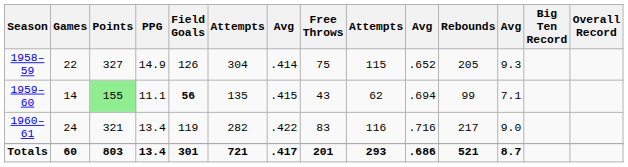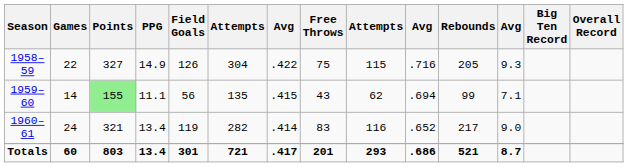 <table class="wikitable sortable" style="text-align:center">
 <tr>
 <th width=40px>Season</th>
 <th width=40px>Games</th>
 <th width=40px>Points</th>
 <th width=40px>PPG</th>
 <th width=40px>Field Goals</th>
 <th width=40px>Attempts</th>
 <th width=40px>Avg</th>
 <th width=40px>Free Throws</th>
 <th width=40px>Attempts</th>
 <th width=40px>Avg</th>
 <th width=40px>Rebounds</th>
 <th width=40px>Avg</th>
 <th width=100px>Big Ten <br>Record</th>
 <th width=100px>Overall <br>Record</th>
 </tr>
 <tr>
 <td><a href='#'>1958–59</a></td>
 <td>22</td>
 <td>327</td>
 <td>14.9</td>
 <td>126</td>
 <td>304</td>
-<td>.414</td>
+<td>.422</td>
 <td>75</td>
 <td>115</td>
-<td>.652</td>
+<td>.716</td>
 <td>205</td>
 <td>9.3</td>
 <td></td>
 <td></td>
 </tr>
 <tr>
 <td><a href='#'>1959–60</a></td>
 <td>14</td>
 <td style="background: lightgreen;">155</td>
 <td>11.1</td>
-<td><strong>56</strong></td>
+<td>56</td>
 <td>135</td>
 <td>.415</td>
 <td>43</td>
 <td>62</td>
 <td>.694</td>
 <td>99</td>
 <td>7.1</td>
 <td></td>
 <td></td>
 </tr>
 <tr>
 <td><a href='#'>1960–61</a></td>
 <td>24</td>
 <td>321</td>
 <td>13.4</td>
 <td>119</td>
 <td>282</td>
-<td>.422</td>
+<td>.414</td>
 <td>83</td>
 <td>116</td>
-<td>.716</td>
+<td>.652</td>
 <td>217</td>
 <td>9.0</td>
 <td></td>
 <td></td>
 </tr>
 <tr>
 </tr>
 <tr class="sortbottom">
 <td><strong>Totals</strong></td>
 <td><strong>60</strong></td>
 <td><strong>803</strong></td>
 <td><strong>13.4</strong></td>
 <td><strong>301</strong></td>
 <td><strong>721</strong></td>
 <td><strong>.417</strong></td>
 <td><strong>201</strong></td>
 <td><strong>293</strong></td>
 <td><strong>.686</strong></td>
 <td><strong>521</strong></td>
 <td><strong>8.7</strong></td>
 <td><strong></strong></td>
 <td><strong></strong></td>
 </tr>
 </table>
